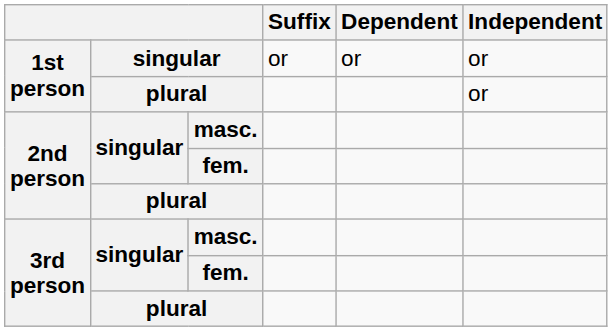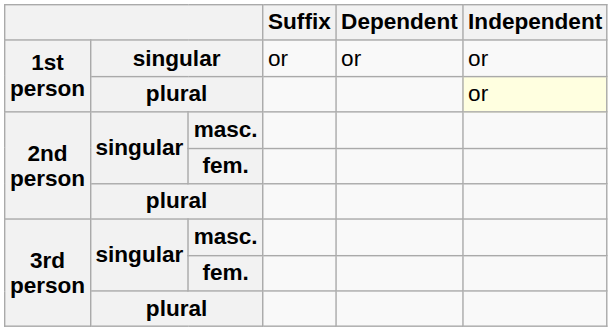 <table class="wikitable">
 <tr>
 <th colspan="3"></th>
 <th>Suffix</th>
 <th>Dependent</th>
 <th>Independent</th>
 </tr>
 <tr>
 <th rowspan="2">1st<br>person</th>
 <th colspan="2">singular</th>
 <td> or </td>
 <td> or </td>
 <td> or </td>
 </tr>
 <tr>
 <th colspan="2">plural</th>
 <td></td>
 <td></td>
-<td> or </td>
+<td style="background: lightyellow;"> or </td>
 </tr>
 <tr>
 <th rowspan="3">2nd<br>person</th>
 <th rowspan="2">singular</th>
 <th>masc.</th>
 <td></td>
 <td></td>
 <td></td>
 </tr>
 <tr>
 <th>fem.</th>
 <td></td>
 <td></td>
 <td></td>
 </tr>
 <tr>
 <th colspan="2">plural</th>
 <td></td>
 <td></td>
 <td></td>
 </tr>
 <tr>
 <th rowspan="3">3rd<br>person</th>
 <th rowspan="2">singular</th>
 <th>masc.</th>
 <td></td>
 <td></td>
 <td></td>
 </tr>
 <tr>
 <th>fem.</th>
 <td></td>
 <td></td>
 <td></td>
 </tr>
 <tr>
 <th colspan="2">plural</th>
 <td></td>
 <td></td>
 <td></td>
 </tr>
 </table>
